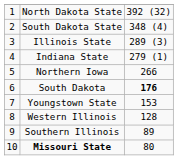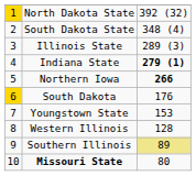 <table class="wikitable">
 <tr align="center">
 </tr>
 <tr align="center">
-<td>1</td>
+<td style="background: gold;">1</td>
 <td>North Dakota State</td>
 <td>392 (32)</td>
 </tr>
 <tr align="center">
 <td>2</td>
 <td>South Dakota State</td>
 <td>348 (4)</td>
 </tr>
 <tr align="center">
 <td>3</td>
 <td>Illinois State</td>
 <td>289 (3)</td>
 </tr>
 <tr align="center">
 <td>4</td>
 <td>Indiana State</td>
-<td>279 (1)</td>
+<td><strong>279 (1)</strong></td>
 </tr>
 <tr align="center">
 <td>5</td>
 <td>Northern Iowa</td>
-<td>266</td>
+<td><strong>266</strong></td>
 </tr>
 <tr align="center">
-<td>6</td>
+<td style="background: gold;">6</td>
 <td>South Dakota</td>
-<td><strong>176</strong></td>
+<td>176</td>
 </tr>
 <tr align="center">
 <td>7</td>
 <td>Youngstown State</td>
 <td>153</td>
 </tr>
 <tr align="center">
 <td>8</td>
 <td>Western Illinois</td>
 <td>128</td>
 </tr>
 <tr align="center">
 <td>9</td>
 <td>Southern Illinois</td>
-<td>89</td>
+<td style="background: khaki;">89</td>
 </tr>
 <tr align="center">
 <td>10</td>
 <td><strong>Missouri State</strong></td>
 <td>80</td>
 </tr>
 </table>
